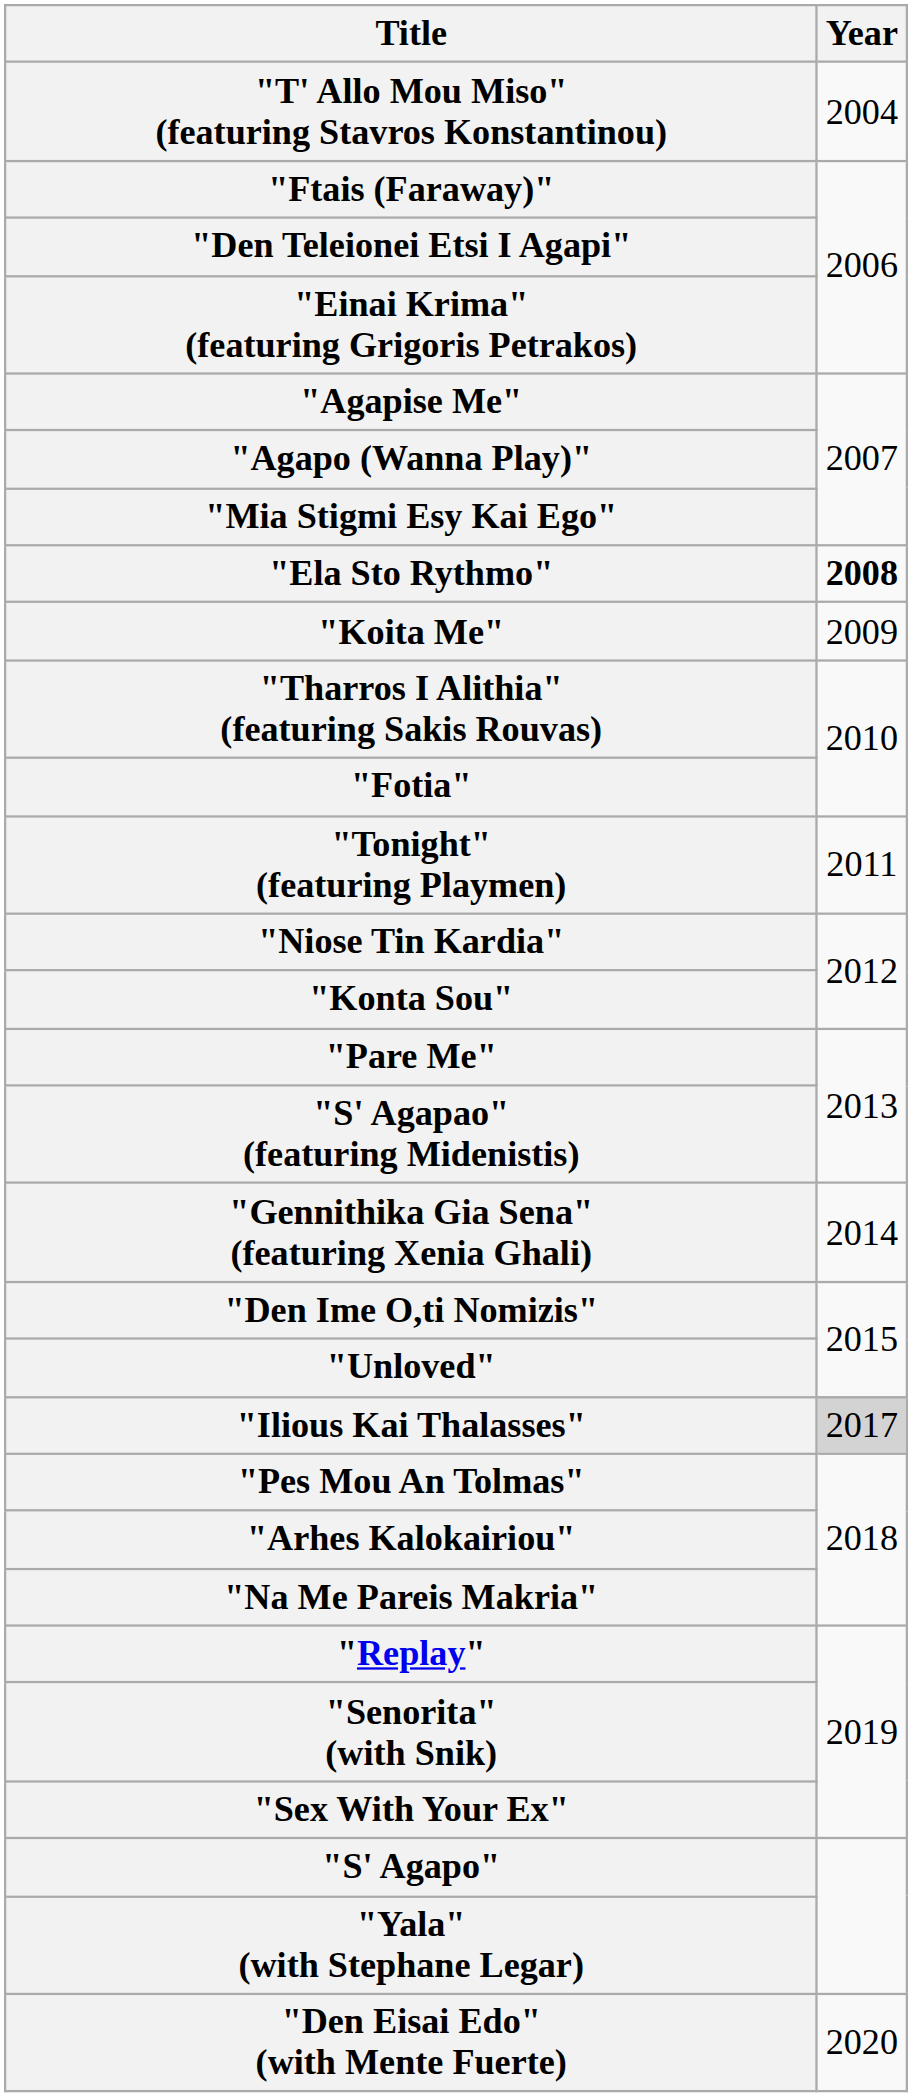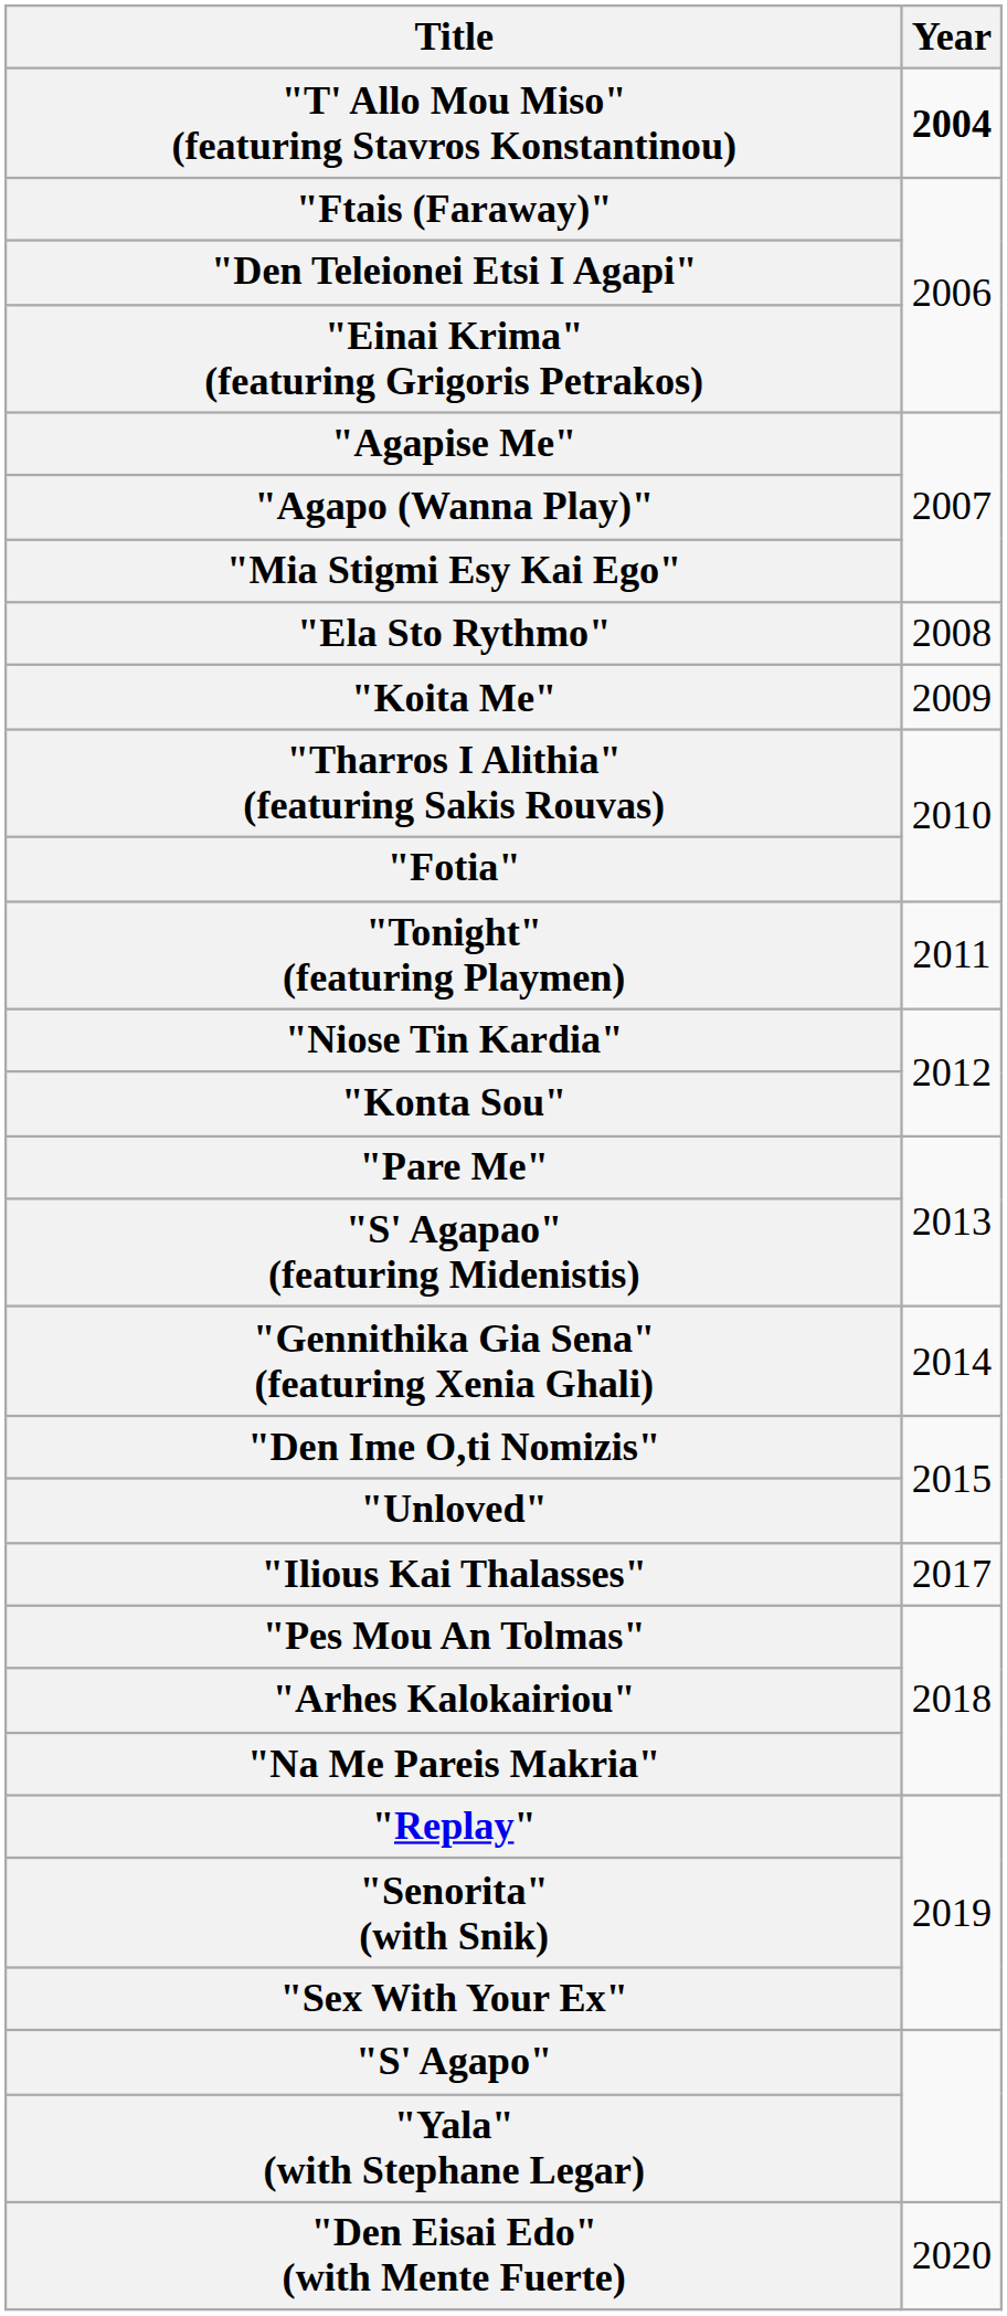 <table class="wikitable plainrowheaders" style="text-align:center;">
 <tr>
 <th scope="col" style="width:22em;">Title</th>
 <th scope="col" style="width:1em;">Year</th>
 </tr>
 <tr>
 <th scope="row">"T' Allo Mou Miso"<br><span>(featuring Stavros Konstantinou)</span></th>
-<td>2004</td>
+<td><strong>2004</strong></td>
 </tr>
 <tr>
 <th scope="row">"Ftais (Faraway)"</th>
 <td rowspan="3">2006</td>
 </tr>
 <tr>
 <th scope="row">"Den Teleionei Etsi I Agapi"</th>
 </tr>
 <tr>
 <th scope="row">"Einai Krima"<br><span>(featuring Grigoris Petrakos)</span></th>
 </tr>
 <tr>
 <th scope="row">"Agapise Me"</th>
 <td rowspan="3">2007</td>
 </tr>
 <tr>
 <th scope="row">"Agapo (Wanna Play)"</th>
 </tr>
 <tr>
 <th scope="row">"Mia Stigmi Esy Kai Ego"</th>
 </tr>
 <tr>
 <th scope="row">"Ela Sto Rythmo"</th>
-<td><strong>2008</strong></td>
+<td>2008</td>
 </tr>
 <tr>
 <th scope="row">"Koita Me"</th>
 <td>2009</td>
 </tr>
 <tr>
 <th scope="row">"Tharros I Alithia"<br><span>(featuring Sakis Rouvas)</span></th>
 <td rowspan="2">2010</td>
 </tr>
 <tr>
 <th scope="row">"Fotia"</th>
 </tr>
 <tr>
 <th scope="row">"Tonight"<br><span>(featuring Playmen)</span></th>
 <td>2011</td>
 </tr>
 <tr>
 <th scope="row">"Niose Tin Kardia"</th>
 <td rowspan="2">2012</td>
 </tr>
 <tr>
 <th scope="row">"Konta Sou"</th>
 </tr>
 <tr>
 <th scope="row">"Pare Me"</th>
 <td rowspan="2">2013</td>
 </tr>
 <tr>
 <th scope="row">"S' Agapao"<br><span>(featuring Midenistis)</span></th>
 </tr>
 <tr>
 <th scope="row">"Gennithika Gia Sena"<br><span>(featuring Xenia Ghali)</span></th>
 <td>2014</td>
 </tr>
 <tr>
 <th scope="row">"Den Ime O,ti Nomizis"</th>
 <td rowspan="2">2015</td>
 </tr>
 <tr>
 <th scope="row">"Unloved"</th>
 </tr>
 <tr>
 <th scope="row">"Ilious Kai Thalasses"</th>
-<td style="background: lightgrey;">2017</td>
+<td>2017</td>
 </tr>
 <tr>
 <th scope="row">"Pes Mou An Tolmas"</th>
 <td rowspan="3">2018</td>
 </tr>
 <tr>
 <th scope="row">"Arhes Kalokairiou"</th>
 </tr>
 <tr>
 <th scope="row">"Na Me Pareis Makria"</th>
 </tr>
 <tr>
 <th scope="row">"<a href='#'>Replay</a>"</th>
 <td rowspan="3">2019</td>
 </tr>
 <tr>
 <th scope="row">"Senorita" <br><span>(with Snik)</span></th>
 </tr>
 <tr>
 <th scope="row">"Sex With Your Ex"</th>
 </tr>
 <tr>
 <th scope="row">"S' Agapo"</th>
 </tr>
 <tr>
 <th scope="row">"Yala"<br><span>(with Stephane Legar)</span></th>
 </tr>
 <tr>
 <th scope="row">"Den Eisai Edo"<br><span>(with Mente Fuerte)</span></th>
 <td>2020</td>
 </tr>
 </table>
